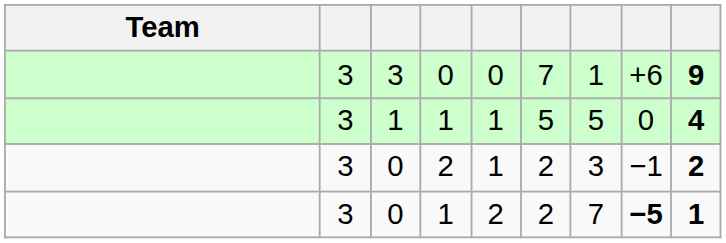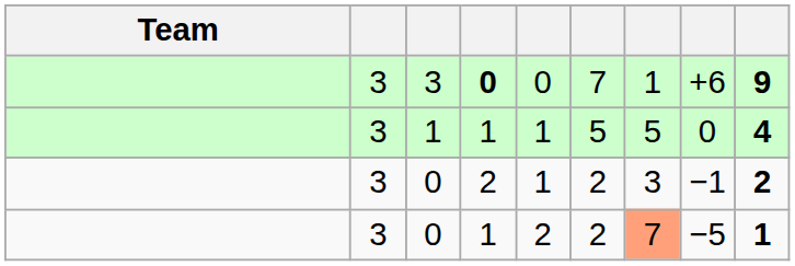 <table class="wikitable" style="text-align:center;">
 <tr>
 <th width=165>Team</th>
 <th width=20></th>
 <th width=20></th>
 <th width=20></th>
 <th width=20></th>
 <th width=20></th>
 <th width=20></th>
 <th width=20></th>
 <th width=20></th>
 </tr>
 <tr style="background:#cfc;">
 <td align=left></td>
 <td>3</td>
 <td>3</td>
-<td>0</td>
+<td><strong>0</strong></td>
 <td>0</td>
 <td>7</td>
 <td>1</td>
 <td>+6</td>
 <td><strong>9</strong></td>
 </tr>
 <tr style="background:#cfc;">
 <td align=left></td>
 <td>3</td>
 <td>1</td>
 <td>1</td>
 <td>1</td>
 <td>5</td>
 <td>5</td>
 <td>0</td>
 <td><strong>4</strong></td>
 </tr>
 <tr>
 <td align=left></td>
 <td>3</td>
 <td>0</td>
 <td>2</td>
 <td>1</td>
 <td>2</td>
 <td>3</td>
 <td>−1</td>
 <td><strong>2</strong></td>
 </tr>
 <tr>
 <td align=left></td>
 <td>3</td>
 <td>0</td>
 <td>1</td>
 <td>2</td>
 <td>2</td>
-<td>7</td>
-<td><strong>−5</strong></td>
+<td style="background: lightsalmon;">7</td>
+<td>−5</td>
 <td><strong>1</strong></td>
 </tr>
 </table>
